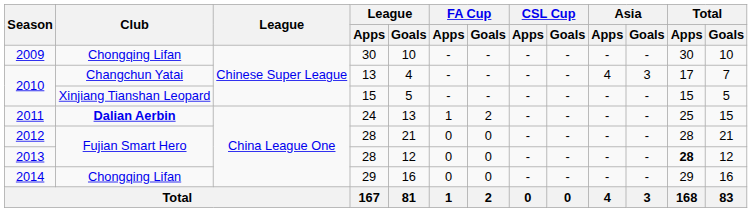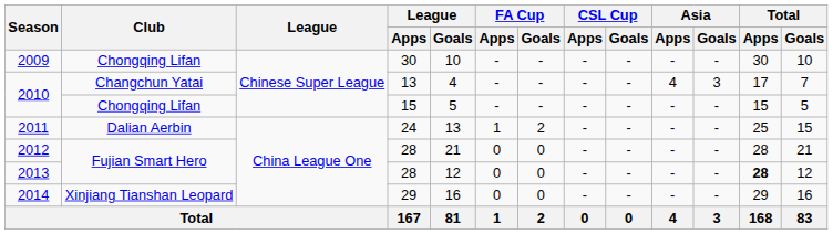 <table class="wikitable" style="text-align: center;">
 <tr>
 <th rowspan="2">Season</th>
 <th rowspan="2">Club</th>
 <th rowspan="2">League</th>
 <th colspan="2">League</th>
 <th colspan="2"><a href='#'>FA Cup</a></th>
 <th colspan="2"><a href='#'>CSL Cup</a></th>
 <th colspan="2">Asia</th>
 <th colspan="2">Total</th>
 </tr>
 <tr>
 <th>Apps</th>
 <th>Goals</th>
 <th>Apps</th>
 <th>Goals</th>
 <th>Apps</th>
 <th>Goals</th>
 <th>Apps</th>
 <th>Goals</th>
 <th>Apps</th>
 <th>Goals</th>
 </tr>
 <tr>
 <td><a href='#'>2009</a></td>
 <td><a href='#'>Chongqing Lifan</a></td>
 <td rowspan="3"><a href='#'>Chinese Super League</a></td>
 <td>30</td>
 <td>10</td>
 <td>-</td>
 <td>-</td>
 <td>-</td>
 <td>-</td>
 <td>-</td>
 <td>-</td>
 <td>30</td>
 <td>10</td>
 </tr>
 <tr>
 <td rowspan="2" valign="center"><a href='#'>2010</a></td>
 <td><a href='#'>Changchun Yatai</a></td>
 <td>13</td>
 <td>4</td>
 <td>-</td>
 <td>-</td>
 <td>-</td>
 <td>-</td>
 <td>4</td>
 <td>3</td>
 <td>17</td>
 <td>7</td>
 </tr>
 <tr>
-<td rowspan="1"><a href='#'>Xinjiang Tianshan Leopard</a></td>
+<td><a href='#'>Chongqing Lifan</a></td>
 <td>15</td>
 <td>5</td>
 <td>-</td>
 <td>-</td>
 <td>-</td>
 <td>-</td>
 <td>-</td>
 <td>-</td>
 <td>15</td>
 <td>5</td>
 </tr>
 <tr>
 <td><a href='#'>2011</a></td>
-<td><strong><a href='#'>Dalian Aerbin</a></strong></td>
+<td><a href='#'>Dalian Aerbin</a></td>
 <td rowspan="4"><a href='#'>China League One</a></td>
 <td>24</td>
 <td>13</td>
 <td>1</td>
 <td>2</td>
 <td>-</td>
 <td>-</td>
 <td>-</td>
 <td>-</td>
 <td>25</td>
 <td>15</td>
 </tr>
 <tr>
 <td><a href='#'>2012</a></td>
 <td rowspan="2"><a href='#'>Fujian Smart Hero</a></td>
 <td>28</td>
 <td>21</td>
 <td>0</td>
 <td>0</td>
 <td>-</td>
 <td>-</td>
 <td>-</td>
 <td>-</td>
 <td>28</td>
 <td>21</td>
 </tr>
 <tr>
 <td><a href='#'>2013</a></td>
 <td>28</td>
 <td>12</td>
 <td>0</td>
 <td>0</td>
 <td>-</td>
 <td>-</td>
 <td>-</td>
 <td>-</td>
 <td><strong>28</strong></td>
 <td>12</td>
 </tr>
 <tr>
 <td><a href='#'>2014</a></td>
-<td><a href='#'>Chongqing Lifan</a></td>
+<td rowspan="1"><a href='#'>Xinjiang Tianshan Leopard</a></td>
 <td>29</td>
 <td>16</td>
 <td>0</td>
 <td>0</td>
 <td>-</td>
 <td>-</td>
 <td>-</td>
 <td>-</td>
 <td>29</td>
 <td>16</td>
 </tr>
 <tr>
 <th colspan="3">Total</th>
 <th>167</th>
 <th>81</th>
 <th>1</th>
 <th>2</th>
 <th>0</th>
 <th>0</th>
 <th>4</th>
 <th>3</th>
 <th>168</th>
 <th>83</th>
 </tr>
 </table>
